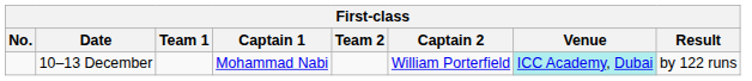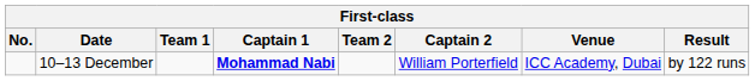 <table class="wikitable">
 <tr>
 <th colspan="9">First-class</th>
 </tr>
 <tr>
 <th>No.</th>
 <th>Date</th>
 <th>Team 1</th>
 <th>Captain 1</th>
 <th>Team 2</th>
 <th>Captain 2</th>
 <th>Venue</th>
 <th>Result</th>
 </tr>
 <tr>
 <td></td>
 <td>10–13 December</td>
 <td></td>
-<td><a href='#'>Mohammad Nabi</a></td>
+<td><strong><a href='#'>Mohammad Nabi</a></strong></td>
 <td></td>
 <td><a href='#'>William Porterfield</a></td>
-<td style="background: paleturquoise;"><a href='#'>ICC Academy</a>, <a href='#'>Dubai</a></td>
+<td><a href='#'>ICC Academy</a>, <a href='#'>Dubai</a></td>
 <td> by 122 runs</td>
 </tr>
 </table>
